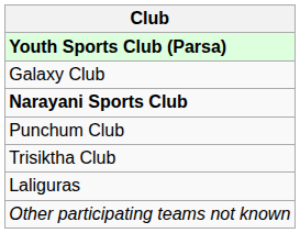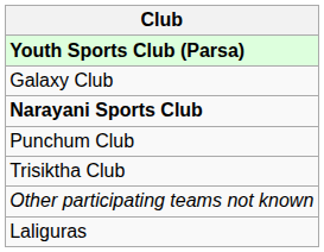 <table class="wikitable" border="1">
 <tr>
 <th>Club</th>
 </tr>
 <tr bgcolor=#dfd>
 <td><strong>Youth Sports Club (Parsa)</strong></td>
 </tr>
 <tr>
 <td>Galaxy Club</td>
 </tr>
 <tr>
 <td><strong>Narayani Sports Club</strong></td>
 </tr>
 <tr>
 <td>Punchum Club</td>
 </tr>
 <tr>
 <td>Trisiktha Club</td>
 </tr>
 <tr>
+<td><em>Other participating teams not known</em></td>
+</tr>
+<tr>
 <td>Laliguras</td>
 </tr>
-<tr>
-<td><em>Other participating teams not known</em></td>
-</tr>
 </table>
